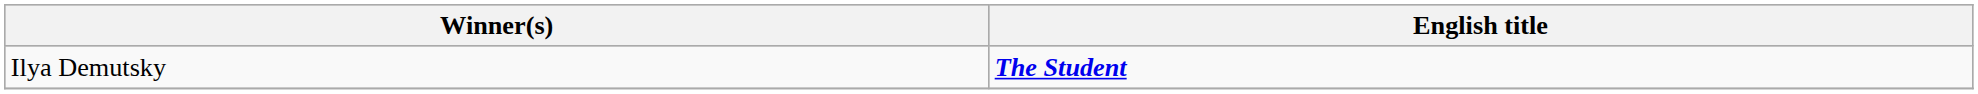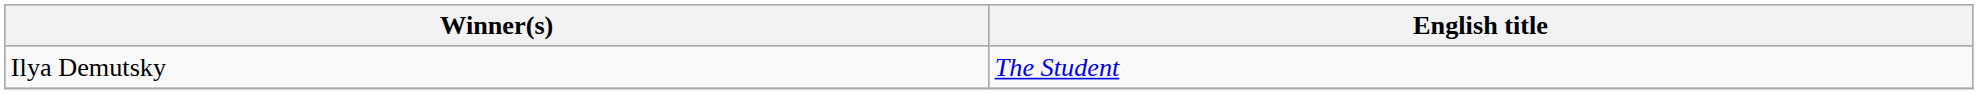 <table class="wikitable" width="95%" cellpadding="5">
 <tr>
 <th width="18%">Winner(s)</th>
 <th width="18%">English title</th>
 </tr>
 <tr>
 <td> Ilya Demutsky</td>
-<td><strong><em><a href='#'>The Student</a></em></strong></td>
+<td><em><a href='#'>The Student</a></em></td>
 </tr>
 <tr>
 </tr>
 </table>
